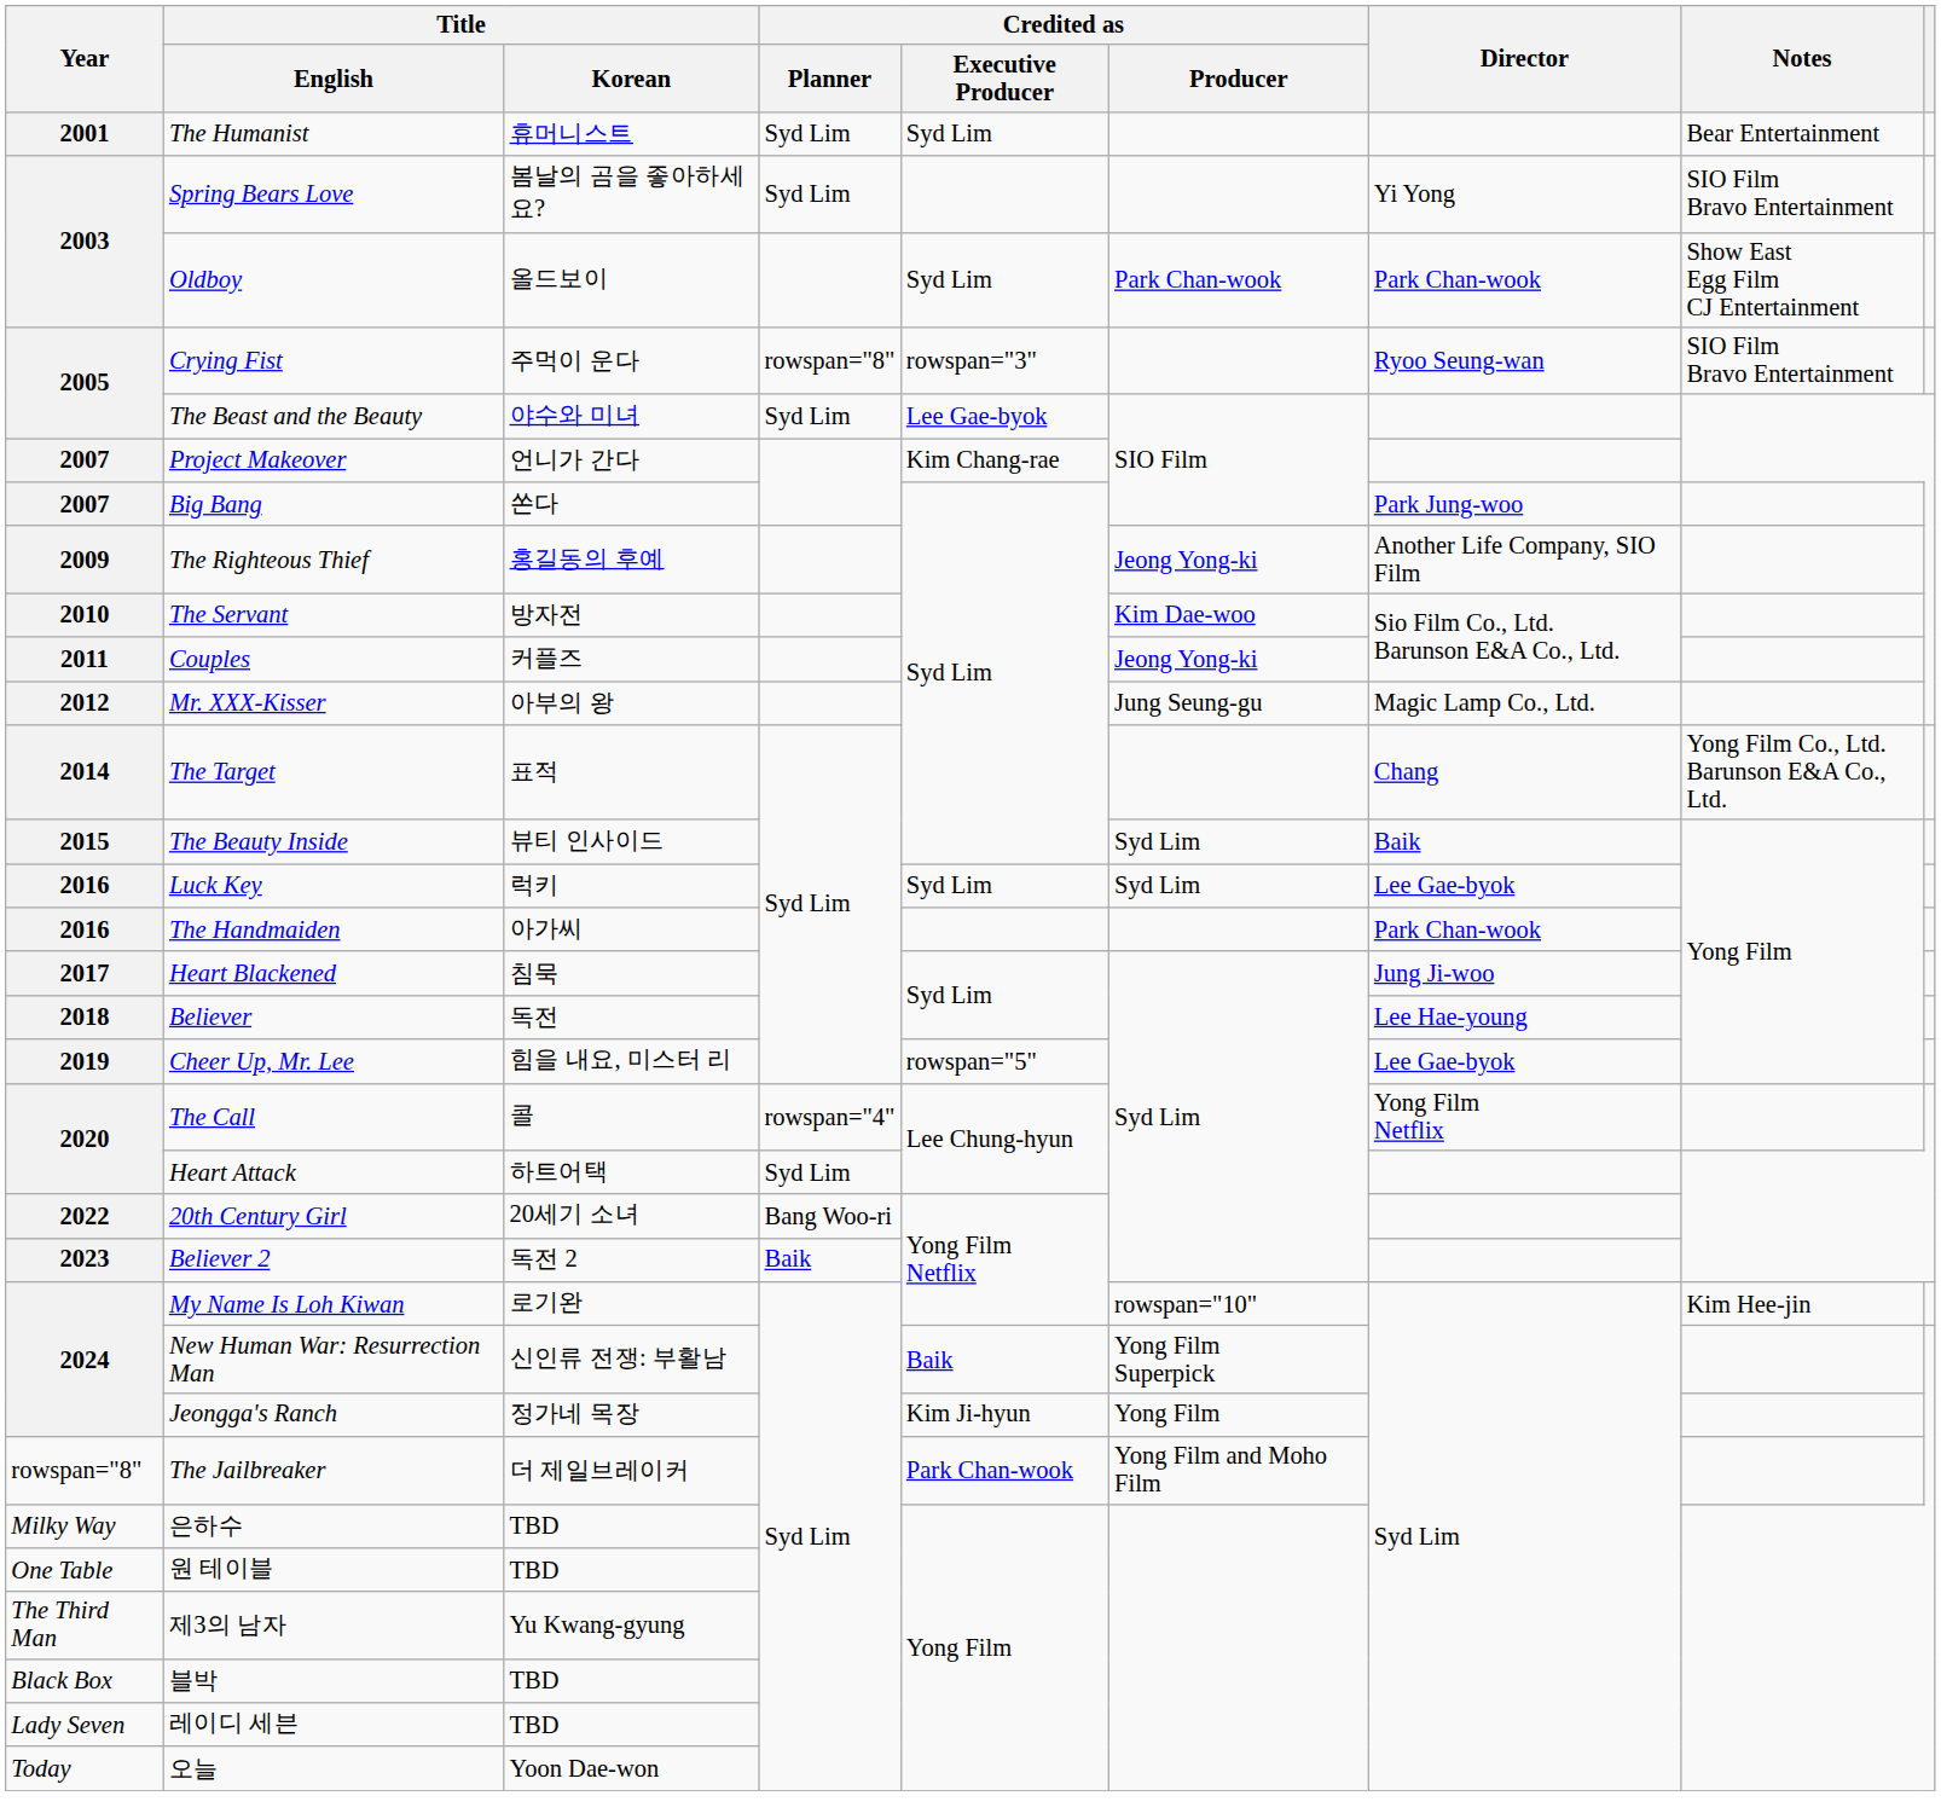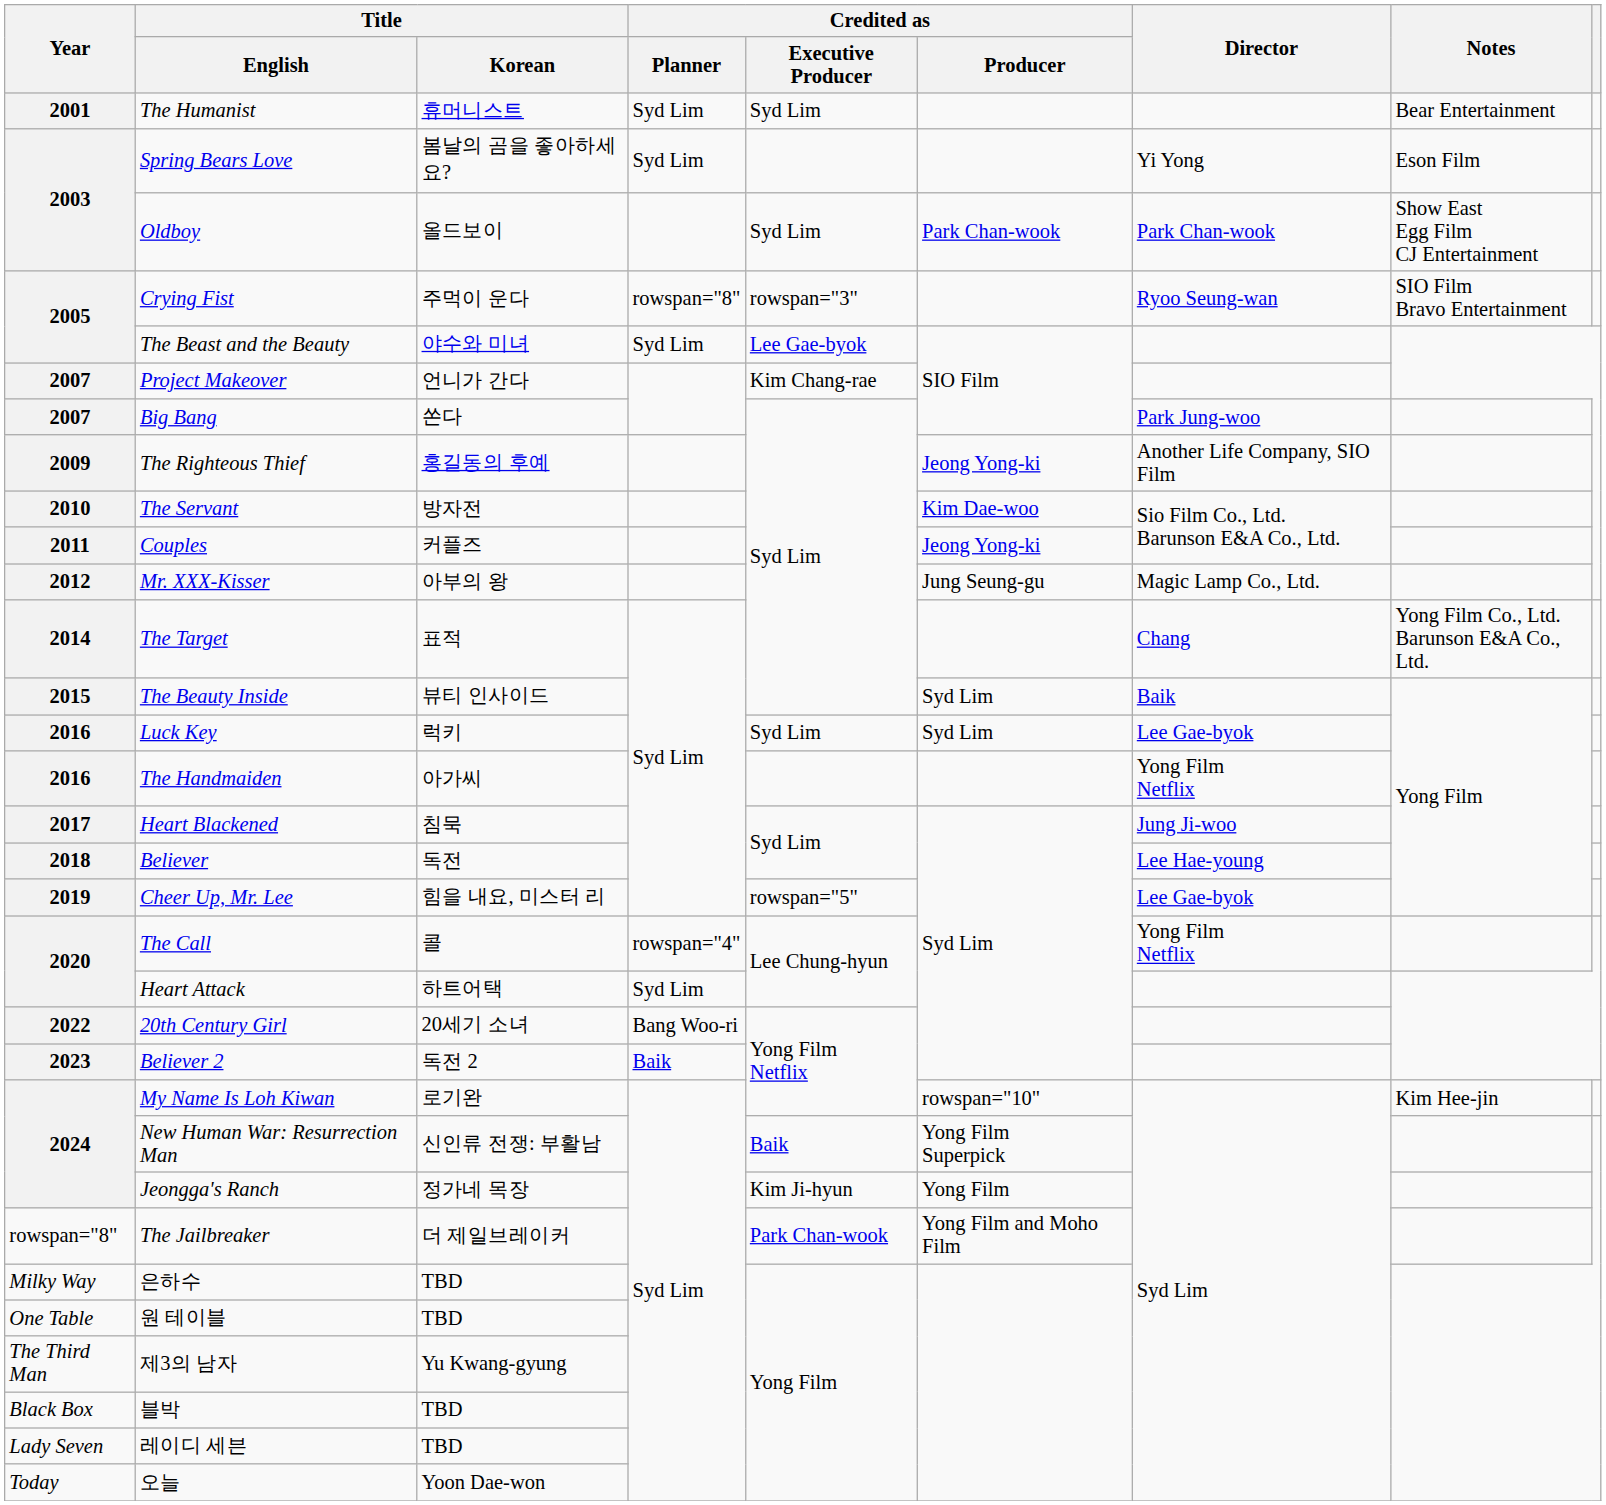 <table class="wikitable sortable plainrowheaders">
 <tr>
 <th scope="col" rowspan="2">Year</th>
 <th scope="col" colspan="2">Title</th>
 <th colspan="3">Credited as</th>
 <th rowspan="2" scope="col">Director</th>
 <th scope="col" rowspan="2" class="unsortable">Notes</th>
 <th scope="col" rowspan="2" class="unsortable"></th>
 </tr>
 <tr>
 <th scope="col">English</th>
 <th scope="col">Korean</th>
 <th>Planner</th>
 <th>Executive Producer</th>
 <th>Producer</th>
 </tr>
 <tr>
 <th scope="row">2001</th>
 <td><em>The Humanist</em></td>
 <td><a href='#'>휴머니스트</a></td>
 <td>Syd Lim</td>
 <td>Syd Lim</td>
 <td></td>
 <td></td>
 <td>Bear Entertainment</td>
 <td></td>
 </tr>
 <tr>
 <th rowspan="2" scope="row">2003</th>
 <td><em><a href='#'>Spring Bears Love</a></em></td>
 <td>봄날의 곰을 좋아하세요?</td>
 <td>Syd Lim</td>
 <td></td>
 <td></td>
 <td>Yi Yong</td>
-<td>SIO Film<br>Bravo Entertainment</td>
+<td>Eson Film</td>
 <td></td>
 </tr>
 <tr>
 <td><em><a href='#'>Oldboy</a></em></td>
 <td>올드보이</td>
 <td></td>
 <td>Syd Lim</td>
 <td><a href='#'>Park Chan-wook</a></td>
 <td><a href='#'>Park Chan-wook</a></td>
 <td>Show East<br>Egg Film<br>CJ Entertainment</td>
 <td></td>
 </tr>
 <tr>
 <th rowspan="2" scope="row">2005</th>
 <td><em><a href='#'>Crying Fist</a></em></td>
 <td>주먹이 운다</td>
 <td>rowspan="8" </td>
 <td>rowspan="3" </td>
 <td></td>
 <td><a href='#'>Ryoo Seung-wan</a></td>
 <td>SIO Film<br>Bravo Entertainment</td>
 <td></td>
 </tr>
 <tr>
 <td><em>The Beast and the Beauty</em></td>
 <td><a href='#'>야수와 미녀</a></td>
 <td>Syd Lim</td>
 <td><a href='#'>Lee Gae-byok</a></td>
 <td rowspan="3">SIO Film</td>
 <td></td>
 </tr>
 <tr>
 <th scope="row">2007</th>
 <td><em><a href='#'>Project Makeover</a></em></td>
 <td>언니가 간다</td>
 <td rowspan="2"></td>
 <td>Kim Chang-rae</td>
 <td></td>
 </tr>
 <tr>
 <th scope="row">2007</th>
 <td><em><a href='#'>Big Bang</a></em></td>
 <td>쏜다</td>
 <td rowspan="7">Syd Lim</td>
 <td><a href='#'>Park Jung-woo</a></td>
 <td></td>
 </tr>
 <tr>
 <th scope="row">2009</th>
 <td><em>The Righteous Thief</em></td>
 <td><a href='#'>홍길동의 후예</a></td>
 <td></td>
 <td><a href='#'>Jeong Yong-ki</a></td>
 <td>Another Life Company, SIO Film</td>
 <td></td>
 </tr>
 <tr>
 <th scope="row">2010</th>
 <td><em><a href='#'>The Servant</a></em></td>
 <td>방자전</td>
 <td></td>
 <td><a href='#'>Kim Dae-woo</a></td>
 <td rowspan="2">Sio Film Co., Ltd.<br>Barunson E&A Co., Ltd.</td>
 <td></td>
 </tr>
 <tr>
 <th scope="row">2011</th>
 <td><a href='#'><em>Couples</em></a></td>
 <td>커플즈</td>
 <td></td>
 <td><a href='#'>Jeong Yong-ki</a></td>
 <td></td>
 </tr>
 <tr>
 <th scope="row">2012</th>
 <td><em><a href='#'>Mr. XXX-Kisser</a></em></td>
 <td>아부의 왕</td>
 <td></td>
 <td>Jung Seung-gu</td>
 <td>Magic Lamp Co., Ltd.</td>
 <td></td>
 </tr>
 <tr>
 <th scope="row">2014</th>
 <td><em><a href='#'>The Target</a></em></td>
 <td>표적</td>
 <td rowspan="7">Syd Lim</td>
 <td></td>
 <td><a href='#'>Chang</a></td>
 <td>Yong Film Co., Ltd.<br>Barunson E&A Co., Ltd.</td>
 <td></td>
 </tr>
 <tr>
 <th scope="row">2015</th>
 <td><em><a href='#'>The Beauty Inside</a></em></td>
 <td>뷰티 인사이드</td>
 <td>Syd Lim</td>
 <td><a href='#'>Baik</a></td>
 <td rowspan="6">Yong Film</td>
 <td></td>
 </tr>
 <tr>
 <th scope="row">2016</th>
 <td><em><a href='#'>Luck Key</a></em></td>
 <td>럭키</td>
 <td>Syd Lim</td>
 <td>Syd Lim</td>
 <td><a href='#'>Lee Gae-byok</a></td>
 <td></td>
 </tr>
 <tr>
 <th scope="row">2016</th>
 <td><em><a href='#'>The Handmaiden</a></em></td>
 <td>아가씨</td>
 <td></td>
 <td></td>
-<td><a href='#'>Park Chan-wook</a></td>
+<td>Yong Film<br><a href='#'>Netflix</a></td>
 <td></td>
 </tr>
 <tr>
 <th scope="row">2017</th>
 <td><em><a href='#'>Heart Blackened</a></em></td>
 <td>침묵</td>
 <td rowspan="2">Syd Lim</td>
 <td rowspan="7">Syd Lim</td>
 <td><a href='#'>Jung Ji-woo</a></td>
 <td></td>
 </tr>
 <tr>
 <th scope="row">2018</th>
 <td><em><a href='#'>Believer</a></em></td>
 <td>독전</td>
 <td><a href='#'>Lee Hae-young</a></td>
 <td></td>
 </tr>
 <tr>
 <th scope="row">2019</th>
 <td><em><a href='#'>Cheer Up, Mr. Lee</a></em></td>
 <td>힘을 내요, 미스터 리</td>
 <td>rowspan="5" </td>
 <td><a href='#'>Lee Gae-byok</a></td>
 <td></td>
 </tr>
 <tr>
 <th rowspan="2" scope="row">2020</th>
 <td><em><a href='#'>The Call</a></em></td>
 <td>콜</td>
 <td>rowspan="4" </td>
 <td rowspan="2">Lee Chung-hyun</td>
 <td>Yong Film<br><a href='#'>Netflix</a></td>
 <td></td>
 </tr>
 <tr>
 <td><em>Heart Attack</em></td>
 <td>하트어택</td>
 <td>Syd Lim</td>
 <td></td>
 </tr>
 <tr>
 <th scope="row">2022</th>
 <td><em><a href='#'>20th Century Girl</a></em></td>
 <td>20세기 소녀</td>
 <td>Bang Woo-ri</td>
 <td rowspan="3">Yong Film<br><a href='#'>Netflix</a></td>
 <td></td>
 </tr>
 <tr>
 <th scope="row">2023</th>
 <td><em><a href='#'>Believer 2</a></em></td>
 <td>독전 2</td>
 <td><a href='#'>Baik</a></td>
 <td></td>
 </tr>
 <tr>
 <th rowspan="3" scope="row">2024</th>
 <td><em><a href='#'>My Name Is Loh Kiwan</a></em></td>
 <td>로기완</td>
 <td rowspan="10">Syd Lim</td>
 <td>rowspan="10" </td>
 <td rowspan="10">Syd Lim</td>
 <td>Kim Hee-jin</td>
 <td></td>
 </tr>
 <tr>
 <td><em>New Human War: Resurrection Man</em></td>
 <td>신인류 전쟁: 부활남</td>
 <td><a href='#'>Baik</a></td>
 <td>Yong Film<br>Superpick</td>
 <td></td>
 </tr>
 <tr>
 <td><em>Jeongga's Ranch</em></td>
 <td>정가네 목장</td>
 <td>Kim Ji-hyun</td>
 <td>Yong Film</td>
 <td></td>
 </tr>
 <tr>
 <td>rowspan="8" </td>
 <td><em>The Jailbreaker</em></td>
 <td>더 제일브레이커</td>
 <td><a href='#'>Park Chan-wook</a></td>
 <td>Yong Film and Moho Film</td>
 <td></td>
 </tr>
 <tr>
 <td><em>Milky Way</em></td>
 <td>은하수</td>
 <td>TBD</td>
 <td rowspan="6">Yong Film</td>
 <td rowspan="6"></td>
 </tr>
 <tr>
 <td><em>One Table</em></td>
 <td>원 테이블</td>
 <td>TBD</td>
 </tr>
 <tr>
 <td><em>The Third Man</em></td>
 <td>제3의 남자</td>
 <td>Yu Kwang-gyung</td>
 </tr>
 <tr>
 <td><em>Black Box</em></td>
 <td>블박</td>
 <td>TBD</td>
 </tr>
 <tr>
 <td><em>Lady Seven</em></td>
 <td>레이디 세븐</td>
 <td>TBD</td>
 </tr>
 <tr>
 <td><em>Today</em></td>
 <td>오늘</td>
 <td>Yoon Dae-won</td>
 </tr>
 </table>
